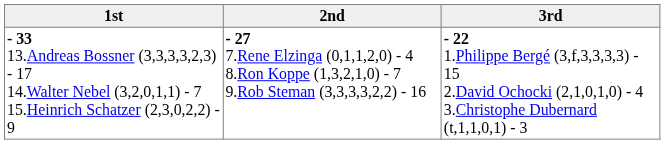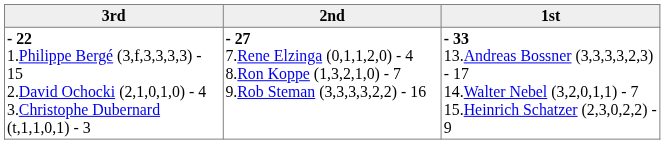 <table border="1" cellpadding="2" cellspacing="0" style="width:75%; border-collapse:collapse">
 <tr style="text-align:left; background:#efefef;">
+<th width=15% align=center >3rd</th>
+<th width=15% align=center >2nd</th>
 <th width=15% align=center >1st</th>
-<th width=15% align=center >2nd</th>
-<th width=15% align=center >3rd</th>
 </tr>
 <tr align=left>
+<td valign=top align=left ><strong> - 22</strong><br>1.<a href='#'>Philippe Bergé</a> (3,f,3,3,3,3) - 15<br>2.<a href='#'>David Ochocki</a> (2,1,0,1,0) - 4<br>3.<a href='#'>Christophe Dubernard</a> (t,1,1,0,1) - 3</td>
+<td valign=top align=left ><strong> - 27</strong><br>7.<a href='#'>Rene Elzinga</a> (0,1,1,2,0) - 4<br>8.<a href='#'>Ron Koppe</a> (1,3,2,1,0) - 7<br>9.<a href='#'>Rob Steman</a> (3,3,3,3,2,2) - 16</td>
 <td valign=top align=left ><strong> - 33</strong><br>13.<a href='#'>Andreas Bossner</a> (3,3,3,3,2,3) - 17<br>14.<a href='#'>Walter Nebel</a> (3,2,0,1,1) - 7<br>15.<a href='#'>Heinrich Schatzer</a> (2,3,0,2,2) - 9</td>
-<td valign=top align=left ><strong> - 27</strong><br>7.<a href='#'>Rene Elzinga</a> (0,1,1,2,0) - 4<br>8.<a href='#'>Ron Koppe</a> (1,3,2,1,0) - 7<br>9.<a href='#'>Rob Steman</a> (3,3,3,3,2,2) - 16</td>
-<td valign=top align=left ><strong> - 22</strong><br>1.<a href='#'>Philippe Bergé</a> (3,f,3,3,3,3) - 15<br>2.<a href='#'>David Ochocki</a> (2,1,0,1,0) - 4<br>3.<a href='#'>Christophe Dubernard</a> (t,1,1,0,1) - 3</td>
 </tr>
 </table>
